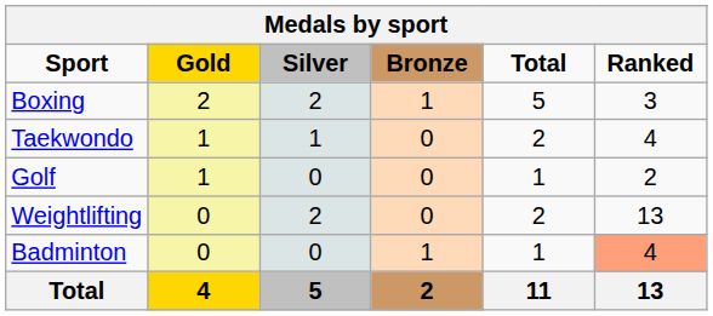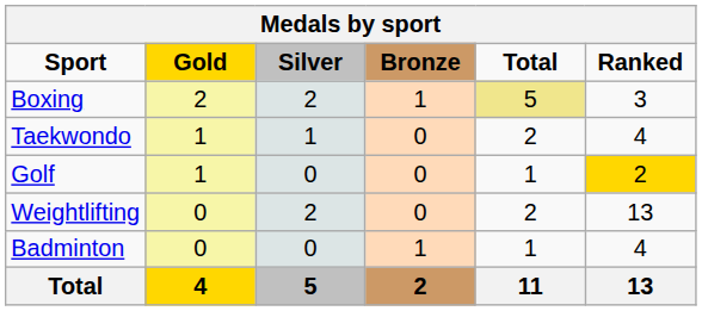 <table class="wikitable" style="font-size:90%; text-align:center;">
 <tr style="background:#efefef;">
 <th colspan=6><strong>Medals by sport</strong></th>
 </tr>
 <tr>
 <td><strong>Sport</strong></td>
 <td width=60 style="background:gold;"><strong>Gold </strong></td>
 <td width=60 style="background:silver;"><strong>Silver </strong></td>
 <td width=60 style="background:#c96;"><strong>Bronze </strong></td>
 <td width=60><strong>Total</strong></td>
 <td width=60><strong>Ranked</strong></td>
 </tr>
 <tr>
 <td align=left> <a href='#'>Boxing</a></td>
 <td style="background:#F7F6A8;">2</td>
 <td style="background:#DCE5E5;">2</td>
 <td style="background:#FFDAB9;">1</td>
-<td>5</td>
+<td style="background: khaki;">5</td>
 <td>3</td>
 </tr>
 <tr>
 <td align=left> <a href='#'>Taekwondo</a></td>
 <td style="background:#F7F6A8;">1</td>
 <td style="background:#DCE5E5;">1</td>
 <td style="background:#FFDAB9;">0</td>
 <td>2</td>
 <td>4</td>
 </tr>
 <tr>
 <td align=left> <a href='#'>Golf</a></td>
 <td style="background:#F7F6A8;">1</td>
 <td style="background:#DCE5E5;">0</td>
 <td style="background:#FFDAB9;">0</td>
 <td>1</td>
-<td>2</td>
+<td style="background: gold;">2</td>
 </tr>
 <tr>
 <td align=left> <a href='#'>Weightlifting</a></td>
 <td style="background:#F7F6A8;">0</td>
 <td style="background:#DCE5E5;">2</td>
 <td style="background:#FFDAB9;">0</td>
 <td>2</td>
 <td>13</td>
 </tr>
 <tr>
 <td align=left> <a href='#'>Badminton</a></td>
 <td style="background:#F7F6A8;">0</td>
 <td style="background:#DCE5E5;">0</td>
 <td style="background:#FFDAB9;">1</td>
 <td>1</td>
-<td style="background: lightsalmon;">4</td>
+<td>4</td>
 </tr>
 <tr>
 <th><strong>Total</strong></th>
 <th style="background:gold;"><strong>4</strong></th>
 <th style="background:silver;"><strong>5</strong></th>
 <th style="background:#c96;"><strong>2</strong></th>
 <th><strong>11</strong></th>
 <th><strong>13</strong></th>
 </tr>
 </table>
